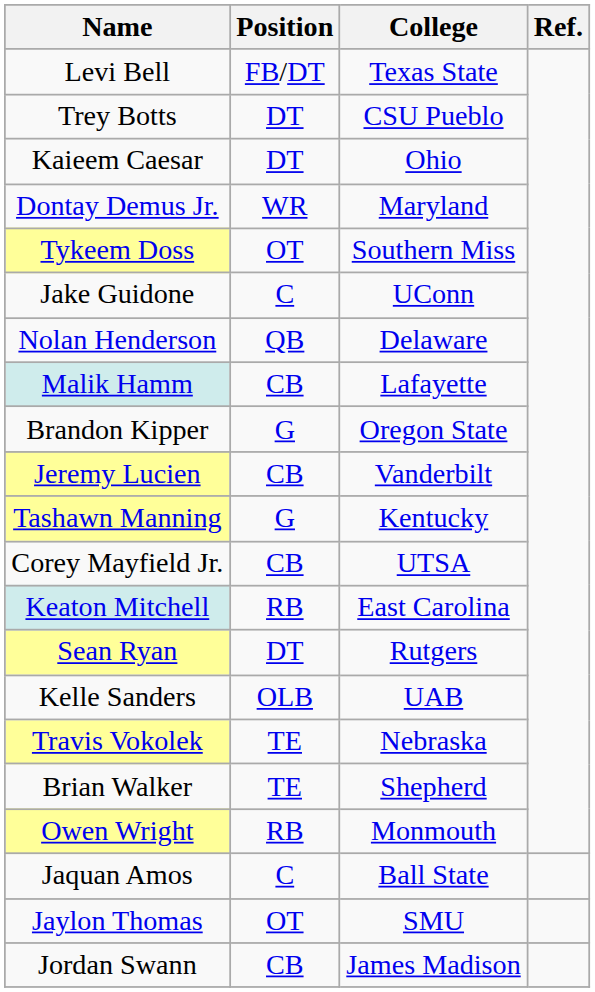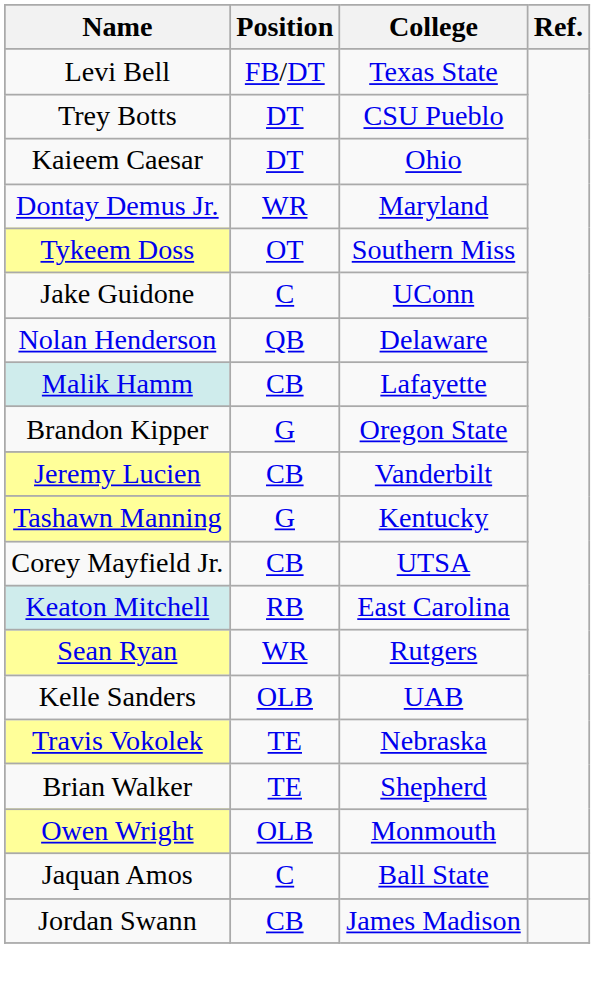 <table class="wikitable" style="text-align:center">
 <tr>
 <th>Name</th>
 <th>Position</th>
 <th>College</th>
 <th>Ref.</th>
 </tr>
 <tr>
 <td>Levi Bell</td>
 <td><a href='#'>FB</a>/<a href='#'>DT</a></td>
 <td><a href='#'>Texas State</a></td>
 <td rowspan="18"></td>
 </tr>
 <tr>
 <td>Trey Botts</td>
 <td><a href='#'>DT</a></td>
 <td><a href='#'>CSU Pueblo</a></td>
 </tr>
 <tr>
 <td>Kaieem Caesar</td>
 <td><a href='#'>DT</a></td>
 <td><a href='#'>Ohio</a></td>
 </tr>
 <tr>
 <td><a href='#'>Dontay Demus Jr.</a></td>
 <td><a href='#'>WR</a></td>
 <td><a href='#'>Maryland</a></td>
 </tr>
 <tr>
 <td style="background-color:#FFFF99;"><a href='#'>Tykeem Doss</a></td>
 <td><a href='#'>OT</a></td>
 <td><a href='#'>Southern Miss</a></td>
 </tr>
 <tr>
 <td>Jake Guidone</td>
 <td><a href='#'>C</a></td>
 <td><a href='#'>UConn</a></td>
 </tr>
 <tr>
 <td><a href='#'>Nolan Henderson</a></td>
 <td><a href='#'>QB</a></td>
 <td><a href='#'>Delaware</a></td>
 </tr>
 <tr>
 <td style="background-color:#cfecec;"><a href='#'>Malik Hamm</a></td>
 <td><a href='#'>CB</a></td>
 <td><a href='#'>Lafayette</a></td>
 </tr>
 <tr>
 <td>Brandon Kipper</td>
 <td><a href='#'>G</a></td>
 <td><a href='#'>Oregon State</a></td>
 </tr>
 <tr>
 <td style="background-color:#FFFF99;"><a href='#'>Jeremy Lucien</a></td>
 <td><a href='#'>CB</a></td>
 <td><a href='#'>Vanderbilt</a></td>
 </tr>
 <tr>
 <td style="background-color:#FFFF99;"><a href='#'>Tashawn Manning</a></td>
 <td><a href='#'>G</a></td>
 <td><a href='#'>Kentucky</a></td>
 </tr>
 <tr>
 <td>Corey Mayfield Jr.</td>
 <td><a href='#'>CB</a></td>
 <td><a href='#'>UTSA</a></td>
 </tr>
 <tr>
 <td style="background-color:#cfecec;"><a href='#'>Keaton Mitchell</a></td>
 <td><a href='#'>RB</a></td>
 <td><a href='#'>East Carolina</a></td>
 </tr>
 <tr>
 <td style="background-color:#FFFF99;"><a href='#'>Sean Ryan</a></td>
-<td><a href='#'>DT</a></td>
+<td><a href='#'>WR</a></td>
 <td><a href='#'>Rutgers</a></td>
 </tr>
 <tr>
 <td>Kelle Sanders</td>
 <td><a href='#'>OLB</a></td>
 <td><a href='#'>UAB</a></td>
 </tr>
 <tr>
 <td style="background-color:#FFFF99;"><a href='#'>Travis Vokolek</a></td>
 <td><a href='#'>TE</a></td>
 <td><a href='#'>Nebraska</a></td>
 </tr>
 <tr>
 <td>Brian Walker</td>
 <td><a href='#'>TE</a></td>
 <td><a href='#'>Shepherd</a></td>
 </tr>
 <tr>
 <td style="background-color:#FFFF99;"><a href='#'>Owen Wright</a></td>
-<td><a href='#'>RB</a></td>
+<td><a href='#'>OLB</a></td>
 <td><a href='#'>Monmouth</a></td>
 </tr>
 <tr>
 <td>Jaquan Amos</td>
 <td><a href='#'>C</a></td>
 <td><a href='#'>Ball State</a></td>
 <td></td>
 </tr>
 <tr>
-<td><a href='#'>Jaylon Thomas</a></td>
-<td><a href='#'>OT</a></td>
-<td><a href='#'>SMU</a></td>
-<td></td>
-</tr>
-<tr>
 <td>Jordan Swann</td>
 <td><a href='#'>CB</a></td>
 <td><a href='#'>James Madison</a></td>
 <td></td>
 </tr>
 </table>
